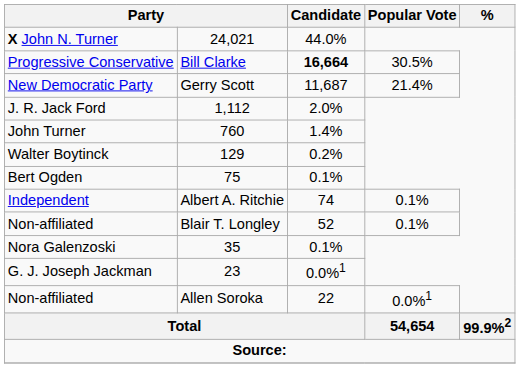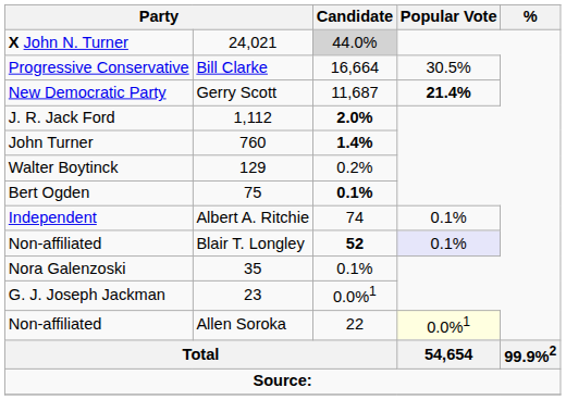 <table class="wikitable">
 <tr>
 <th colspan="2">Party</th>
 <th>Candidate</th>
 <th>Popular Vote</th>
 <th>%</th>
 </tr>
 <tr>
 <td> <strong>X</strong> <a href='#'>John N. Turner</a></td>
 <td align=center>24,021</td>
-<td align=center>44.0%</td>
+<td align=center style="background: lightgrey;">44.0%</td>
 </tr>
 <tr>
 <td><a href='#'>Progressive Conservative</a></td>
 <td><a href='#'>Bill Clarke</a></td>
-<td align=center><strong>16,664</strong></td>
+<td align=center>16,664</td>
 <td align=center>30.5%</td>
 </tr>
 <tr>
 <td><a href='#'>New Democratic Party</a></td>
 <td>Gerry Scott</td>
 <td align=center>11,687</td>
-<td align=center>21.4%</td>
+<td align=center><strong>21.4%</strong></td>
 </tr>
 <tr>
 <td>J. R. Jack Ford</td>
 <td align=center>1,112</td>
-<td align=center>2.0%</td>
+<td align=center><strong>2.0%</strong></td>
 </tr>
 <tr>
 <td>John Turner</td>
 <td align=center>760</td>
-<td align=center>1.4%</td>
+<td align=center><strong>1.4%</strong></td>
 </tr>
 <tr>
 <td>Walter Boytinck</td>
 <td align=center>129</td>
 <td align=center>0.2%</td>
 </tr>
 <tr>
 <td>Bert Ogden</td>
 <td align=center>75</td>
-<td align=center>0.1%</td>
+<td align=center><strong>0.1%</strong></td>
 </tr>
 <tr>
 <td><a href='#'>Independent</a></td>
 <td>Albert A. Ritchie</td>
 <td align=center>74</td>
 <td align=center>0.1%</td>
 </tr>
 <tr>
 <td>Non-affiliated</td>
 <td>Blair T. Longley</td>
-<td align=center>52</td>
-<td align=center>0.1%</td>
+<td align=center><strong>52</strong></td>
+<td align=center style="background: lavender;">0.1%</td>
 </tr>
 <tr>
 <td>Nora Galenzoski</td>
 <td align=center>35</td>
 <td align=center>0.1%</td>
 </tr>
 <tr>
 <td>G. J. Joseph Jackman</td>
 <td align=center>23</td>
 <td align=center>0.0%<sup>1</sup></td>
 </tr>
 <tr>
 <td>Non-affiliated</td>
 <td>Allen Soroka</td>
 <td align=center>22</td>
-<td align=center>0.0%<sup>1</sup></td>
+<td align=center style="background: lightyellow;">0.0%<sup>1</sup></td>
 </tr>
 <tr>
 <th colspan=3>Total</th>
 <th>54,654</th>
 <th>99.9%<sup>2</sup></th>
 </tr>
 <tr>
 <td align="center" colspan=5><strong>Source:</strong> </td>
 </tr>
 <tr>
 </tr>
 </table>
